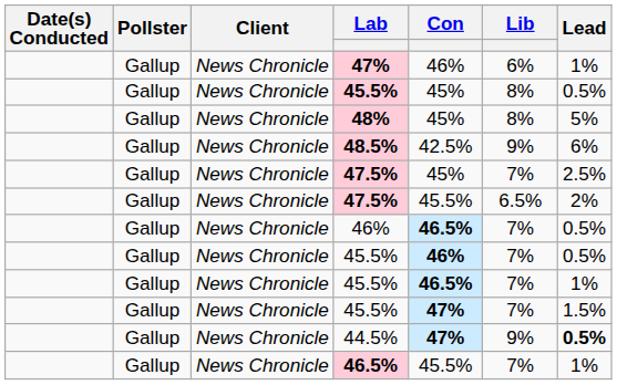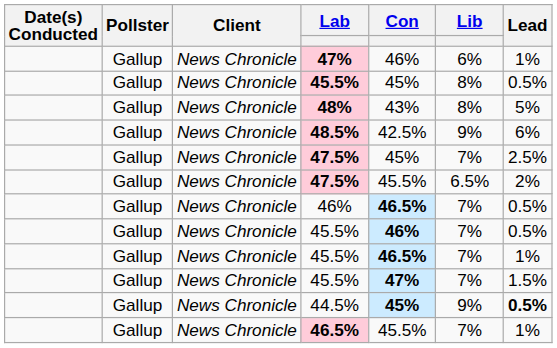 <table class="wikitable sortable mw-datatable" style="text-align:center;font-size:90%;line-height:14px;">
 <tr>
 <th rowspan="2">Date(s)<br>Conducted</th>
 <th rowspan="2">Pollster</th>
 <th rowspan="2">Client</th>
 <th class="unsortable" style="width:50px;"><a href='#'>Lab</a></th>
 <th class="unsortable" style="width:50px;"><a href='#'>Con</a></th>
 <th class="unsortable" style="width:50px;"><a href='#'>Lib</a></th>
 <th rowspan="2">Lead</th>
 </tr>
 <tr>
 <th style="background:"></th>
 <th style="background:"></th>
 <th style="background:"></th>
 </tr>
 <tr>
 <td></td>
 <td>Gallup</td>
 <td><em>News Chronicle</em></td>
 <td style="background:#FFCCDA;"><strong>47%</strong></td>
 <td>46%</td>
 <td>6%</td>
 <td style="background:">1%</td>
 </tr>
 <tr>
 <td></td>
 <td>Gallup</td>
 <td><em>News Chronicle</em></td>
 <td style="background:#FFCCDA;"><strong>45.5%</strong></td>
 <td>45%</td>
 <td>8%</td>
 <td style="background:">0.5%</td>
 </tr>
 <tr>
 <td></td>
 <td>Gallup</td>
 <td><em>News Chronicle</em></td>
 <td style="background:#FFCCDA;"><strong>48%</strong></td>
-<td>45%</td>
+<td>43%</td>
 <td>8%</td>
 <td style="background:">5%</td>
 </tr>
 <tr>
 <td></td>
 <td>Gallup</td>
 <td><em>News Chronicle</em></td>
 <td style="background:#FFCCDA;"><strong>48.5%</strong></td>
 <td>42.5%</td>
 <td>9%</td>
 <td style="background:">6%</td>
 </tr>
 <tr>
 <td></td>
 <td>Gallup</td>
 <td><em>News Chronicle</em></td>
 <td style="background:#FFCCDA;"><strong>47.5%</strong></td>
 <td>45%</td>
 <td>7%</td>
 <td style="background:">2.5%</td>
 </tr>
 <tr>
 <td></td>
 <td>Gallup</td>
 <td><em>News Chronicle</em></td>
 <td style="background:#FFCCDA;"><strong>47.5%</strong></td>
 <td>45.5%</td>
 <td>6.5%</td>
 <td style="background:">2%</td>
 </tr>
 <tr>
 <td></td>
 <td>Gallup</td>
 <td><em>News Chronicle</em></td>
 <td>46%</td>
 <td style="background:#CCEBFF;"><strong>46.5%</strong></td>
 <td>7%</td>
 <td style="background:">0.5%</td>
 </tr>
 <tr>
 <td></td>
 <td>Gallup</td>
 <td><em>News Chronicle</em></td>
 <td>45.5%</td>
 <td style="background:#CCEBFF;"><strong>46%</strong></td>
 <td>7%</td>
 <td style="background:">0.5%</td>
 </tr>
 <tr>
 <td></td>
 <td>Gallup</td>
 <td><em>News Chronicle</em></td>
 <td>45.5%</td>
 <td style="background:#CCEBFF;"><strong>46.5%</strong></td>
 <td>7%</td>
 <td style="background:">1%</td>
 </tr>
 <tr>
 <td></td>
 <td>Gallup</td>
 <td><em>News Chronicle</em></td>
 <td>45.5%</td>
 <td style="background:#CCEBFF;"><strong>47%</strong></td>
 <td>7%</td>
 <td style="background:">1.5%</td>
 </tr>
 <tr>
 <td></td>
 <td>Gallup</td>
 <td><em>News Chronicle</em></td>
 <td>44.5%</td>
-<td style="background:#CCEBFF;"><strong>47%</strong></td>
+<td style="background:#CCEBFF;"><strong>45%</strong></td>
 <td>9%</td>
 <td style="background:"><strong>0.5%</strong></td>
 </tr>
 <tr>
 <td></td>
 <td>Gallup</td>
 <td><em>News Chronicle</em></td>
 <td style="background:#FFCCDA;"><strong>46.5%</strong></td>
 <td>45.5%</td>
 <td>7%</td>
 <td style="background:">1%</td>
 </tr>
 </table>
